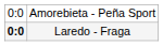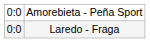 <table class="wikitable">
 <tr align=center bgcolor=white>
 <td>0:0</td>
 <td>Amorebieta - Peña Sport</td>
 </tr>
 <tr align=center bgcolor=#F5F5F5>
-<td><strong>0:0</strong></td>
+<td>0:0</td>
 <td>Laredo - Fraga</td>
 </tr>
 </table>
